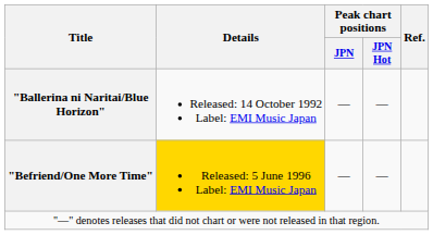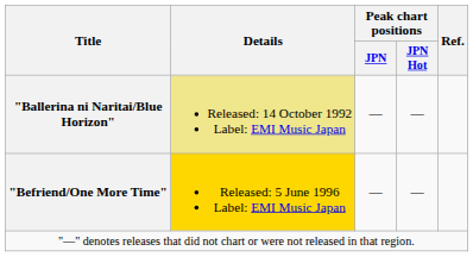 <table class="wikitable plainrowheaders" style="text-align:center;">
 <tr>
 <th scope="col" rowspan="2" style="width:12em;">Title</th>
 <th scope="col" rowspan="2">Details</th>
 <th scope="col" colspan="2">Peak chart positions</th>
 <th scope="col" rowspan="2">Ref.</th>
 </tr>
 <tr>
 <th scope="col" style="width:3em;font-size:90%;"><a href='#'>JPN</a></th>
 <th scope="col" style="width:3em;font-size:90%;"><a href='#'>JPN<br>Hot</a></th>
 </tr>
 <tr>
 <th scope="row">"Ballerina ni Naritai/Blue Horizon"</th>
-<td><br><ul><li>Released: 14 October 1992</li><li>Label: <a href='#'>EMI Music Japan</a></li></ul></td>
+<td style="background: khaki;"><br><ul><li>Released: 14 October 1992</li><li>Label: <a href='#'>EMI Music Japan</a></li></ul></td>
 <td>—</td>
 <td>—</td>
 <td></td>
 </tr>
 <tr>
 <th scope="row">"Befriend/One More Time"</th>
 <td style="background: gold;"><br><ul><li>Released: 5 June 1996</li><li>Label: <a href='#'>EMI Music Japan</a></li></ul></td>
 <td>—</td>
 <td>—</td>
 <td></td>
 </tr>
 <tr>
 <td colspan="6" style="font-size:90%;">"—" denotes releases that did not chart or were not released in that region.</td>
 </tr>
 </table>
